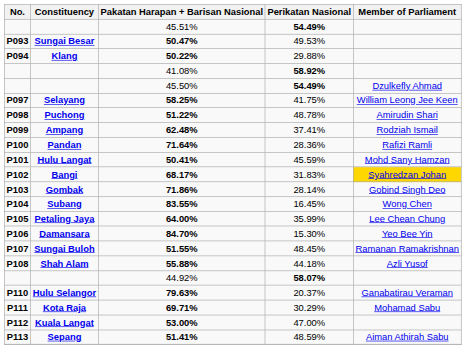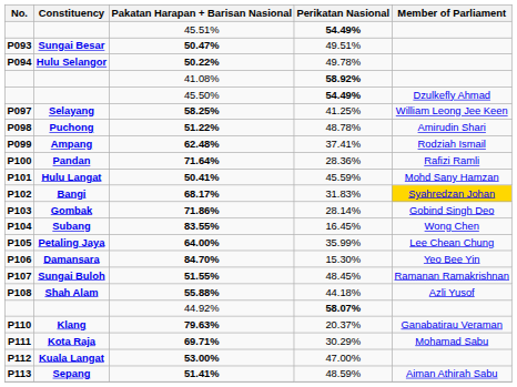 <table class="wikitable sortable" style="text-align:center; font-size:90%">
 <tr>
 <th>No.</th>
 <th>Constituency</th>
 <th>Pakatan Harapan + Barisan Nasional</th>
 <th>Perikatan Nasional</th>
 <th>Member of Parliament</th>
 </tr>
 <tr align="center">
 <td><strong></strong></td>
 <td><strong></strong></td>
 <td>45.51%</td>
 <td><strong>54.49%</strong></td>
 <td></td>
 </tr>
 <tr align="center">
 <td><strong>P093</strong></td>
 <td><strong><a href='#'>Sungai Besar</a></strong></td>
 <td><strong>50.47%</strong></td>
-<td>49.53%</td>
+<td>49.51%</td>
 <td></td>
 </tr>
 <tr align="center">
 <td><strong>P094</strong></td>
-<td><strong><a href='#'>Klang</a></strong></td>
+<td><strong><a href='#'>Hulu Selangor</a></strong></td>
 <td><strong>50.22%</strong></td>
-<td>29.88%</td>
+<td>49.78%</td>
 <td></td>
 </tr>
 <tr align="center">
 <td><strong></strong></td>
 <td><strong></strong></td>
 <td>41.08%</td>
 <td><strong>58.92%</strong></td>
 <td></td>
 </tr>
 <tr align="center">
 <td><strong></strong></td>
 <td><strong></strong></td>
 <td>45.50%</td>
 <td><strong>54.49%</strong></td>
 <td><a href='#'>Dzulkefly Ahmad</a></td>
 </tr>
 <tr align="center">
 <td><strong>P097</strong></td>
 <td><strong><a href='#'>Selayang</a></strong></td>
 <td><strong>58.25%</strong></td>
-<td>41.75%</td>
+<td>41.25%</td>
 <td><a href='#'>William Leong Jee Keen</a></td>
 </tr>
 <tr align="center">
 <td><strong>P098</strong></td>
 <td><strong><a href='#'>Puchong</a></strong></td>
 <td><strong>51.22%</strong></td>
 <td>48.78%</td>
 <td><a href='#'>Amirudin Shari</a></td>
 </tr>
 <tr align="center">
 <td><strong>P099</strong></td>
 <td><strong><a href='#'>Ampang</a></strong></td>
 <td><strong>62.48%</strong></td>
 <td>37.41%</td>
 <td><a href='#'>Rodziah Ismail</a></td>
 </tr>
 <tr align="center">
 <td><strong>P100</strong></td>
 <td><strong><a href='#'>Pandan</a></strong></td>
 <td><strong>71.64%</strong></td>
 <td>28.36%</td>
 <td><a href='#'>Rafizi Ramli</a></td>
 </tr>
 <tr align="center">
 <td><strong>P101</strong></td>
 <td><strong><a href='#'>Hulu Langat</a></strong></td>
 <td><strong>50.41%</strong></td>
 <td>45.59%</td>
 <td><a href='#'>Mohd Sany Hamzan</a></td>
 </tr>
 <tr align="center">
 <td><strong>P102</strong></td>
 <td><strong><a href='#'>Bangi</a></strong></td>
 <td><strong>68.17%</strong></td>
 <td>31.83%</td>
 <td style="background: gold;"><a href='#'>Syahredzan Johan</a></td>
 </tr>
 <tr align="center">
 <td><strong>P103</strong></td>
 <td><strong><a href='#'>Gombak</a></strong></td>
 <td><strong>71.86%</strong></td>
 <td>28.14%</td>
 <td><a href='#'>Gobind Singh Deo</a></td>
 </tr>
 <tr align="center">
 <td><strong>P104</strong></td>
 <td><strong><a href='#'>Subang</a></strong></td>
 <td><strong>83.55%</strong></td>
 <td>16.45%</td>
 <td><a href='#'>Wong Chen</a></td>
 </tr>
 <tr align="center">
 <td><strong>P105</strong></td>
 <td><strong><a href='#'>Petaling Jaya</a></strong></td>
 <td><strong>64.00%</strong></td>
 <td>35.99%</td>
 <td><a href='#'>Lee Chean Chung</a></td>
 </tr>
 <tr align="center">
 <td><strong>P106</strong></td>
 <td><strong><a href='#'>Damansara</a></strong></td>
 <td><strong>84.70%</strong></td>
 <td>15.30%</td>
 <td><a href='#'>Yeo Bee Yin</a></td>
 </tr>
 <tr align="center">
 <td><strong>P107</strong></td>
 <td><strong><a href='#'>Sungai Buloh</a></strong></td>
 <td><strong>51.55%</strong></td>
 <td>48.45%</td>
 <td><a href='#'>Ramanan Ramakrishnan</a></td>
 </tr>
 <tr align="center">
 <td><strong>P108</strong></td>
 <td><strong><a href='#'>Shah Alam</a></strong></td>
 <td><strong>55.88%</strong></td>
 <td>44.18%</td>
 <td><a href='#'>Azli Yusof</a></td>
 </tr>
 <tr align="center">
 <td><strong></strong></td>
 <td><strong></strong></td>
 <td>44.92%</td>
 <td><strong>58.07%</strong></td>
 <td><strong></strong></td>
 </tr>
 <tr align="center">
 <td><strong>P110</strong></td>
-<td><strong><a href='#'>Hulu Selangor</a></strong></td>
+<td><strong><a href='#'>Klang</a></strong></td>
 <td><strong>79.63%</strong></td>
 <td>20.37%</td>
 <td><a href='#'>Ganabatirau Veraman</a></td>
 </tr>
 <tr align="center">
 <td><strong>P111</strong></td>
 <td><strong><a href='#'>Kota Raja</a></strong></td>
 <td><strong>69.71%</strong></td>
 <td>30.29%</td>
 <td><a href='#'>Mohamad Sabu</a></td>
 </tr>
 <tr align="center">
 <td><strong>P112</strong></td>
 <td><strong><a href='#'>Kuala Langat</a></strong></td>
 <td><strong>53.00%</strong></td>
 <td>47.00%</td>
 <td><strong></strong></td>
 </tr>
 <tr align="center">
 <td><strong>P113</strong></td>
 <td><strong><a href='#'>Sepang</a></strong></td>
 <td><strong>51.41%</strong></td>
 <td>48.59%</td>
 <td><a href='#'>Aiman Athirah Sabu</a></td>
 </tr>
 <tr>
 </tr>
 </table>
